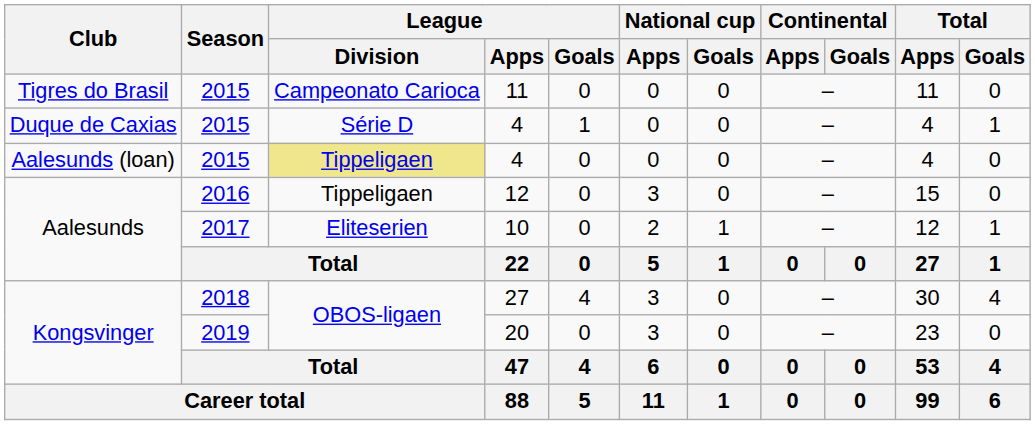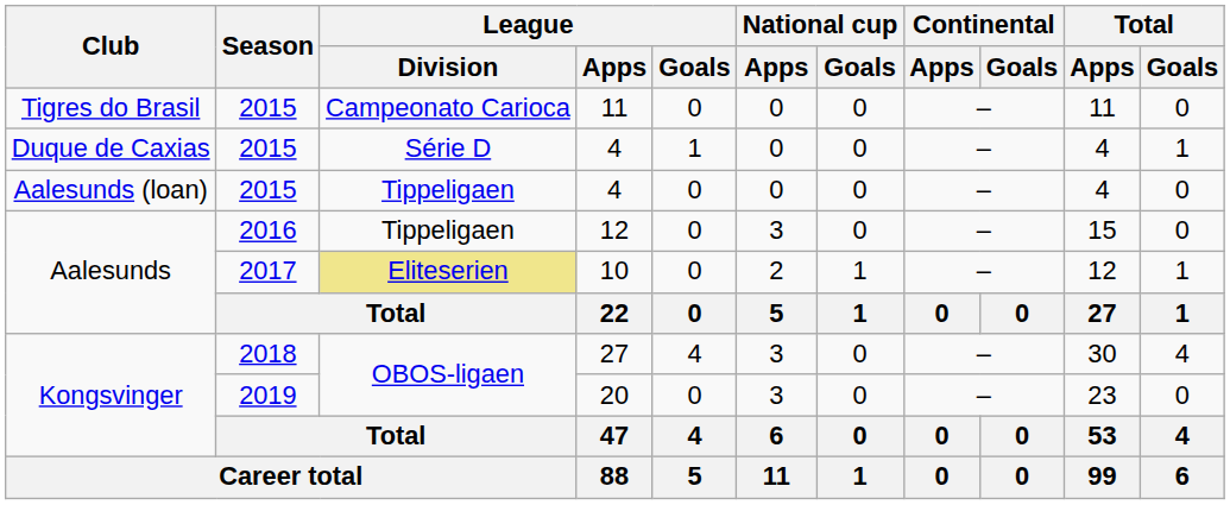 <table class="wikitable" style="text-align: center;">
 <tr>
 <th rowspan="2">Club</th>
 <th rowspan="2">Season</th>
 <th colspan="3">League</th>
 <th colspan="2">National cup</th>
 <th colspan="2">Continental</th>
 <th colspan="2">Total</th>
 </tr>
 <tr>
 <th>Division</th>
 <th>Apps</th>
 <th>Goals</th>
 <th>Apps</th>
 <th>Goals</th>
 <th>Apps</th>
 <th>Goals</th>
 <th>Apps</th>
 <th>Goals</th>
 </tr>
 <tr>
 <td><a href='#'>Tigres do Brasil</a></td>
 <td><a href='#'>2015</a></td>
 <td><a href='#'>Campeonato Carioca</a></td>
 <td>11</td>
 <td>0</td>
 <td>0</td>
 <td>0</td>
 <td colspan="2">–</td>
 <td>11</td>
 <td>0</td>
 </tr>
 <tr>
 <td><a href='#'>Duque de Caxias</a></td>
 <td><a href='#'>2015</a></td>
 <td><a href='#'>Série D</a></td>
 <td>4</td>
 <td>1</td>
 <td>0</td>
 <td>0</td>
 <td colspan="2">–</td>
 <td>4</td>
 <td>1</td>
 </tr>
 <tr>
 <td><a href='#'>Aalesunds</a> (loan)</td>
 <td><a href='#'>2015</a></td>
-<td style="background: khaki;"><a href='#'>Tippeligaen</a></td>
+<td><a href='#'>Tippeligaen</a></td>
 <td>4</td>
 <td>0</td>
 <td>0</td>
 <td>0</td>
 <td colspan="2">–</td>
 <td>4</td>
 <td>0</td>
 </tr>
 <tr>
 <td rowspan="3">Aalesunds</td>
 <td><a href='#'>2016</a></td>
 <td>Tippeligaen</td>
 <td>12</td>
 <td>0</td>
 <td>3</td>
 <td>0</td>
 <td colspan="2">–</td>
 <td>15</td>
 <td>0</td>
 </tr>
 <tr>
 <td><a href='#'>2017</a></td>
-<td><a href='#'>Eliteserien</a></td>
+<td style="background: khaki;"><a href='#'>Eliteserien</a></td>
 <td>10</td>
 <td>0</td>
 <td>2</td>
 <td>1</td>
 <td colspan="2">–</td>
 <td>12</td>
 <td>1</td>
 </tr>
 <tr>
 <th colspan="2">Total</th>
 <th>22</th>
 <th>0</th>
 <th>5</th>
 <th>1</th>
 <th>0</th>
 <th>0</th>
 <th>27</th>
 <th>1</th>
 </tr>
 <tr>
 <td rowspan="3"><a href='#'>Kongsvinger</a></td>
 <td><a href='#'>2018</a></td>
 <td rowspan="2"><a href='#'>OBOS-ligaen</a></td>
 <td>27</td>
 <td>4</td>
 <td>3</td>
 <td>0</td>
 <td colspan="2">–</td>
 <td>30</td>
 <td>4</td>
 </tr>
 <tr>
 <td><a href='#'>2019</a></td>
 <td>20</td>
 <td>0</td>
 <td>3</td>
 <td>0</td>
 <td colspan="2">–</td>
 <td>23</td>
 <td>0</td>
 </tr>
 <tr>
 <th colspan="2">Total</th>
 <th>47</th>
 <th>4</th>
 <th>6</th>
 <th>0</th>
 <th>0</th>
 <th>0</th>
 <th>53</th>
 <th>4</th>
 </tr>
 <tr>
 <th colspan="3">Career total</th>
 <th>88</th>
 <th>5</th>
 <th>11</th>
 <th>1</th>
 <th>0</th>
 <th>0</th>
 <th>99</th>
 <th>6</th>
 </tr>
 </table>
